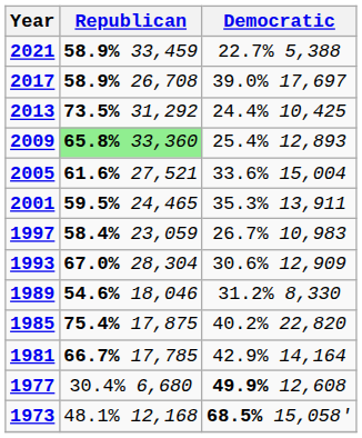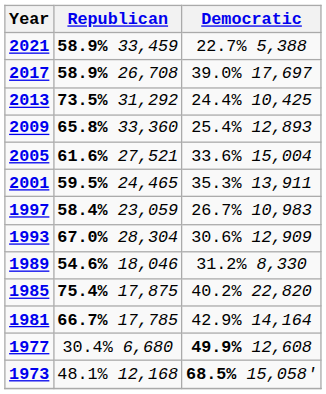 <table class="wikitable" style="float:right; margin: 1em 1em 1em 0;">
 <tr>
 <th>Year</th>
 <th><a href='#'>Republican</a></th>
 <th><a href='#'>Democratic</a></th>
 </tr>
 <tr>
 <td style="text-align:center;" ><strong><a href='#'>2021</a></strong></td>
 <td style="text-align:center;" ><strong>58.9% </strong> <em>33,459</em></td>
 <td style="text-align:center;" >22.7% <em>5,388</em></td>
 </tr>
 <tr>
 <td style="text-align:center;" ><strong><a href='#'>2017</a></strong></td>
 <td style="text-align:center;" ><strong>58.9%</strong> <em>26,708</em></td>
 <td style="text-align:center;" >39.0% <em>17,697</em></td>
 </tr>
 <tr>
 <td style="text-align:center;" ><strong><a href='#'>2013</a></strong></td>
 <td style="text-align:center;" ><strong>73.5% </strong> <em>31,292</em></td>
 <td style="text-align:center;" >24.4% <em>10,425</em></td>
 </tr>
 <tr>
 <td style="text-align:center;" ><strong><a href='#'>2009</a></strong></td>
-<td style="background: lightgreen; text-align:center;" ><strong>65.8%</strong> <em>33,360</em></td>
+<td style="text-align:center;" ><strong>65.8%</strong> <em>33,360</em></td>
 <td style="text-align:center;" >25.4% <em>12,893</em></td>
 </tr>
 <tr>
 <td style="text-align:center;" ><strong><a href='#'>2005</a></strong></td>
 <td style="text-align:center;" ><strong>61.6%</strong> <em>27,521</em></td>
 <td style="text-align:center;" >33.6% <em>15,004</em></td>
 </tr>
 <tr>
 <td style="text-align:center;" ><strong><a href='#'>2001</a></strong></td>
 <td style="text-align:center;" ><strong>59.5%</strong> <em>24,465</em></td>
 <td style="text-align:center;" >35.3% <em>13,911</em></td>
 </tr>
 <tr>
 <td style="text-align:center;" ><strong><a href='#'>1997</a></strong></td>
 <td style="text-align:center;" ><strong>58.4%</strong> <em>23,059</em></td>
 <td style="text-align:center;" >26.7% <em>10,983</em></td>
 </tr>
 <tr>
 <td style="text-align:center;" ><strong><a href='#'>1993</a></strong></td>
 <td style="text-align:center;" ><strong>67.0%</strong> <em>28,304</em></td>
 <td style="text-align:center;" >30.6% <em>12,909</em></td>
 </tr>
 <tr>
 <td style="text-align:center;" ><strong><a href='#'>1989</a></strong></td>
 <td style="text-align:center;" ><strong>54.6%</strong> <em>18,046</em></td>
 <td style="text-align:center;" >31.2% <em>8,330</em></td>
 </tr>
 <tr>
 <td style="text-align:center;" ><strong><a href='#'>1985</a></strong></td>
 <td style="text-align:center;" ><strong>75.4% </strong> <em>17,875</em></td>
 <td style="text-align:center;" >40.2% <em>22,820</em></td>
 </tr>
 <tr>
 <td style="text-align:center;" ><strong><a href='#'>1981</a></strong></td>
 <td style="text-align:center;" ><strong>66.7%</strong> <em>17,785</em></td>
 <td style="text-align:center;" >42.9% <em>14,164</em></td>
 </tr>
 <tr>
 <td style="text-align:center;" ><strong><a href='#'>1977</a></strong></td>
 <td style="text-align:center;" >30.4% <em>6,680</em></td>
 <td style="text-align:center;" ><strong>49.9% </strong> <em>12,608</em></td>
 </tr>
 <tr>
 <td style="text-align:center;" ><strong><a href='#'>1973</a></strong></td>
 <td style="text-align:center;" >48.1% <em>12,168</em></td>
 <td style="text-align:center;" ><strong>68.5% </strong> <em>15,058'</td>
 </tr>
 <tr>
 </tr>
 </table>
